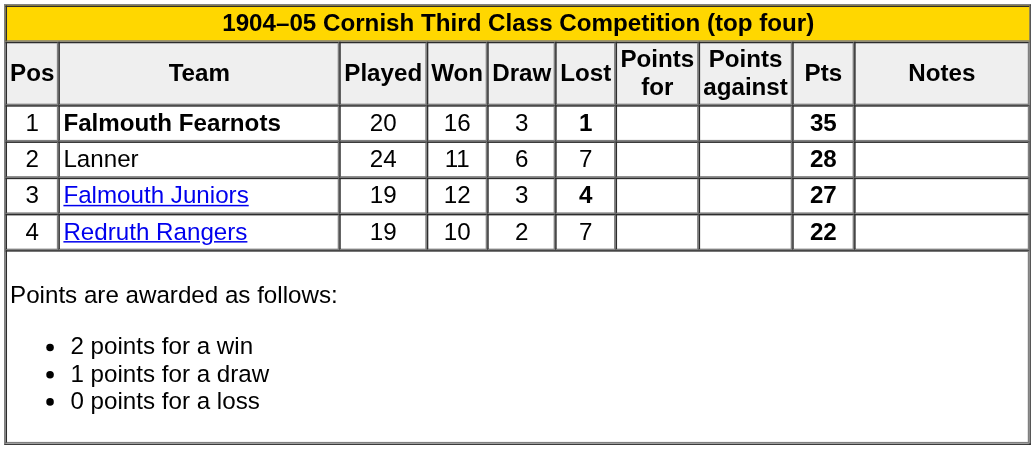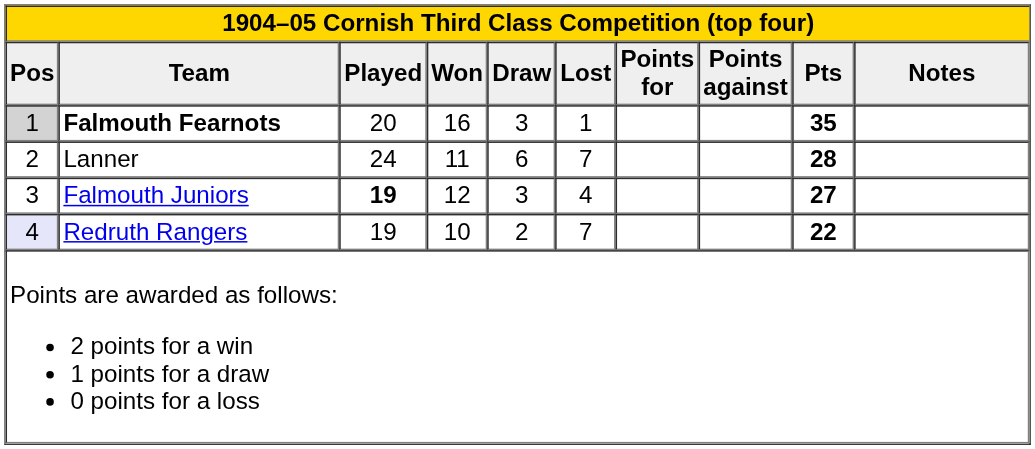 <table border="1" cellpadding="2" cellspacing="0">
 <tr bgcolor="gold">
 <th colspan=13 style="border-right:0px;";>1904–05 Cornish Third Class Competition (top four)</th>
 </tr>
 <tr bgcolor="#efefef">
 <th width="20">Pos</th>
 <th width="180">Team</th>
 <th width="25">Played</th>
 <th width="25">Won</th>
 <th width="25">Draw</th>
 <th width="25">Lost</th>
 <th width="45">Points for</th>
 <th width="45">Points against</th>
 <th width="35">Pts</th>
 <th width="110">Notes</th>
 </tr>
 <tr align=center>
-<td>1</td>
+<td style="background: lightgrey;">1</td>
 <td align=left><strong>Falmouth Fearnots</strong></td>
 <td>20</td>
 <td>16</td>
 <td>3</td>
-<td><strong>1</strong></td>
+<td>1</td>
 <td></td>
 <td></td>
 <td><strong>35</strong></td>
 <td></td>
 </tr>
 <tr align=center>
 <td>2</td>
 <td align=left>Lanner</td>
 <td>24</td>
 <td>11</td>
 <td>6</td>
 <td>7</td>
 <td></td>
 <td></td>
 <td><strong>28</strong></td>
 <td></td>
 </tr>
 <tr align=center>
 <td>3</td>
 <td align=left><a href='#'>Falmouth Juniors</a></td>
-<td>19</td>
+<td><strong>19</strong></td>
 <td>12</td>
 <td>3</td>
-<td><strong>4</strong></td>
+<td>4</td>
 <td></td>
 <td></td>
 <td><strong>27</strong></td>
 <td></td>
 </tr>
 <tr align=center>
-<td>4</td>
+<td style="background: lavender;">4</td>
 <td align=left><a href='#'>Redruth Rangers</a></td>
 <td>19</td>
 <td>10</td>
 <td>2</td>
 <td>7</td>
 <td></td>
 <td></td>
 <td><strong>22</strong></td>
 <td></td>
 </tr>
 <tr>
 </tr>
 <tr bgcolor=#ffffff>
 <td colspan="13"><br>Points are awarded as follows:<ul><li>2 points for a win</li><li>1 points for a draw</li><li>0 points for a loss</li></ul></td>
 </tr>
 </table>
